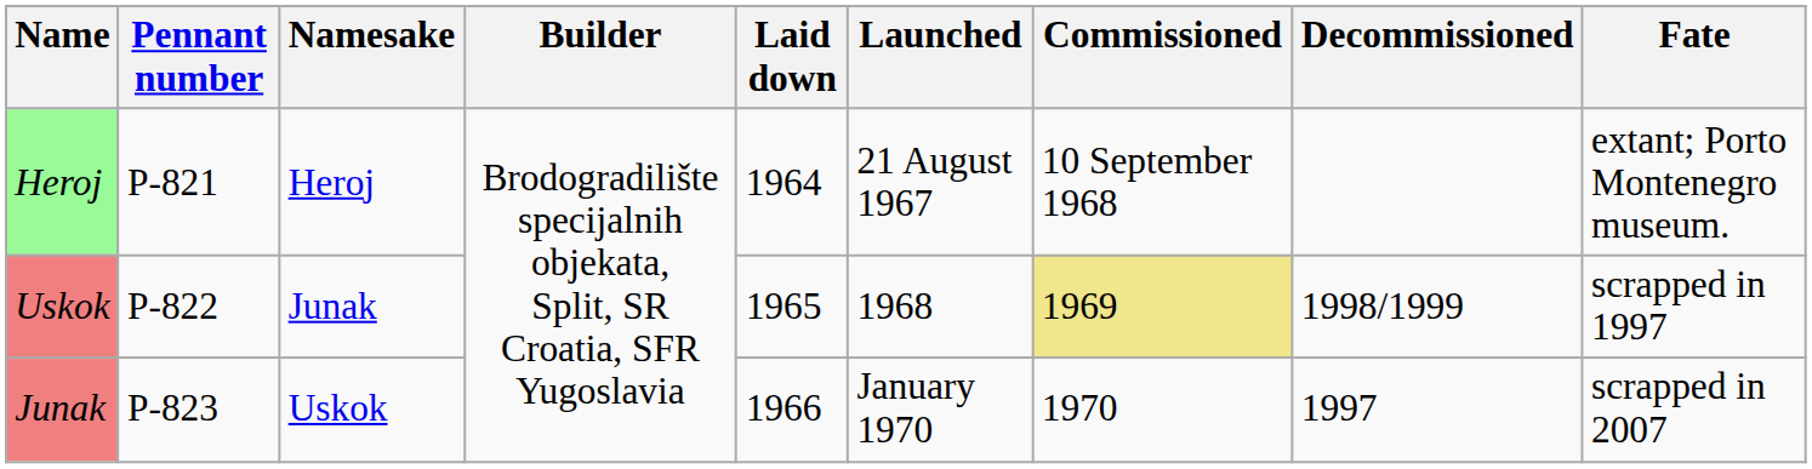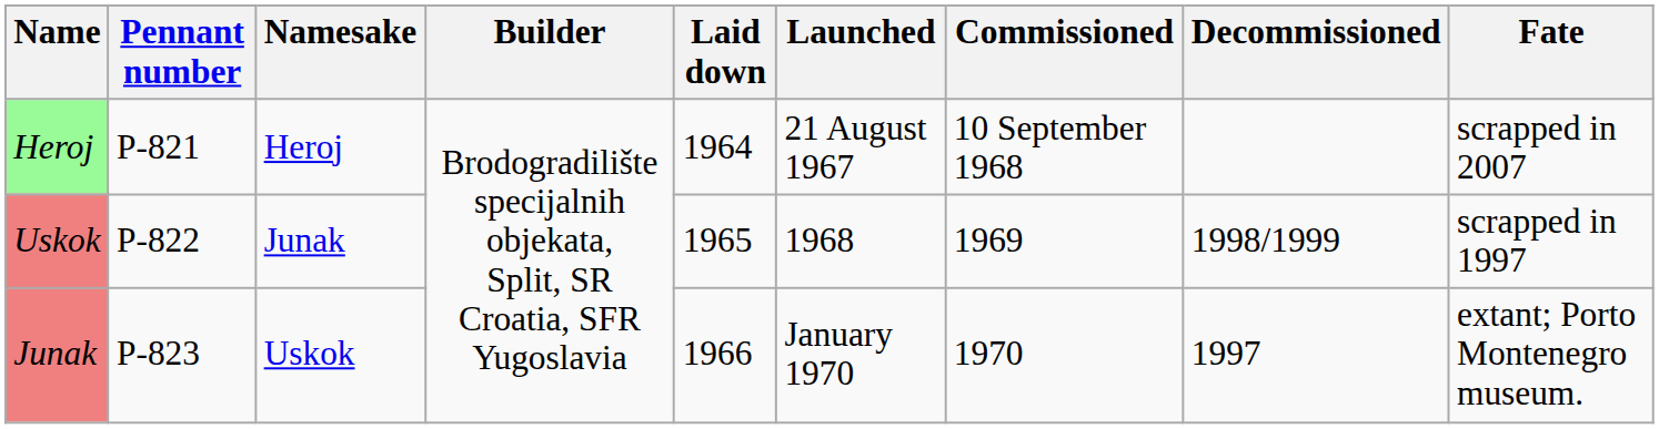 <table class=wikitable width=60%>
 <tr valign=top>
 <th>Name</th>
 <th><a href='#'>Pennant number</a></th>
 <th>Namesake</th>
 <th>Builder</th>
 <th>Laid down</th>
 <th>Launched</th>
 <th>Commissioned</th>
 <th>Decommissioned</th>
 <th>Fate</th>
 </tr>
 <tr valign=middle>
 <td bgcolor="PaleGreen"><em>Heroj</em></td>
 <td>P-821</td>
 <td><a href='#'>Heroj</a></td>
 <td align=center rowspan=3>Brodogradilište specijalnih objekata,<br>Split, SR Croatia, SFR Yugoslavia</td>
 <td>1964</td>
 <td>21 August 1967</td>
 <td>10 September 1968</td>
 <td></td>
-<td>extant; Porto Montenegro museum.</td>
+<td>scrapped in 2007</td>
 </tr>
 <tr valign=middle>
 <td bgcolor="LightCoral"><em>Uskok</em></td>
 <td>P-822</td>
 <td><a href='#'>Junak</a></td>
 <td>1965</td>
 <td>1968</td>
-<td style="background: khaki;">1969</td>
+<td>1969</td>
 <td>1998/1999</td>
 <td>scrapped in 1997</td>
 </tr>
 <tr valign=middle>
 <td bgcolor="LightCoral"><em>Junak</em></td>
 <td>P-823</td>
 <td><a href='#'>Uskok</a></td>
 <td>1966</td>
 <td>January 1970</td>
 <td>1970</td>
 <td>1997</td>
-<td>scrapped in 2007</td>
+<td>extant; Porto Montenegro museum.</td>
 </tr>
 </table>
